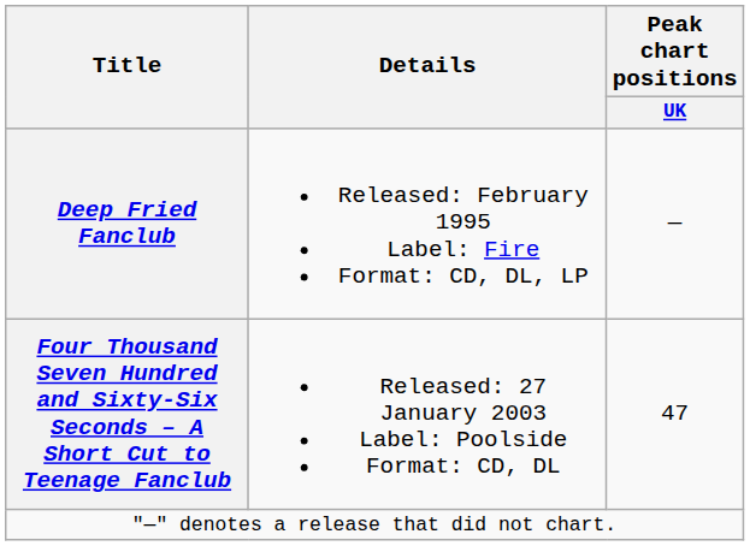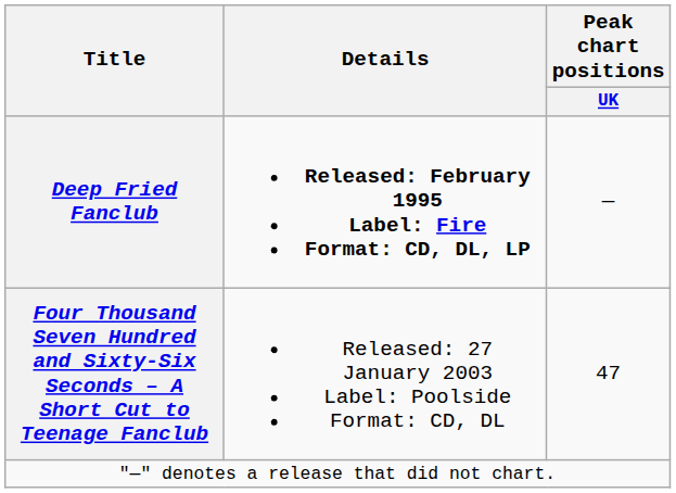 <table class="wikitable plainrowheaders" style="text-align:center;">
 <tr>
 <th rowspan="2" style="width:10em;">Title</th>
 <th rowspan="2" style="width:15em;">Details</th>
 <th colspan="1">Peak chart positions</th>
 </tr>
 <tr style="font-size:smaller;">
 <th width="35"><a href='#'>UK</a><br></th>
 </tr>
 <tr>
 <th scope="row"><em><a href='#'>Deep Fried Fanclub</a></em></th>
-<td><br><ul><li>Released: February 1995</li><li>Label: <a href='#'>Fire</a></li><li>Format: CD, DL, LP</li></ul></td>
+<td><strong><br><ul><li>Released: February 1995</li><li>Label: <a href='#'>Fire</a></li><li>Format: CD, DL, LP</li></ul></strong></td>
 <td>—</td>
 </tr>
 <tr>
 <th scope="row"><em><a href='#'>Four Thousand Seven Hundred and Sixty-Six Seconds – A Short Cut to Teenage Fanclub</a></em></th>
 <td><br><ul><li>Released: 27 January 2003</li><li>Label: Poolside</li><li>Format: CD, DL</li></ul></td>
 <td>47</td>
 </tr>
 <tr>
 <td colspan="10" style="text-align:center; font-size:85%">"—" denotes a release that did not chart.</td>
 </tr>
 </table>
